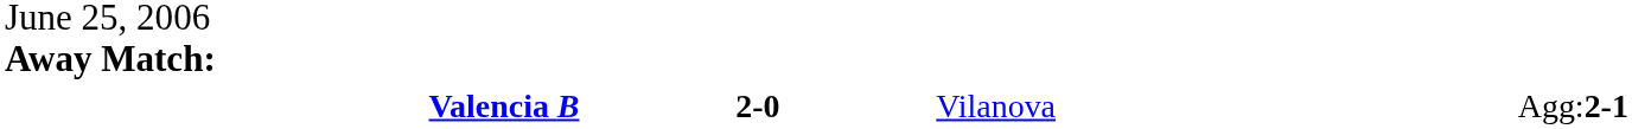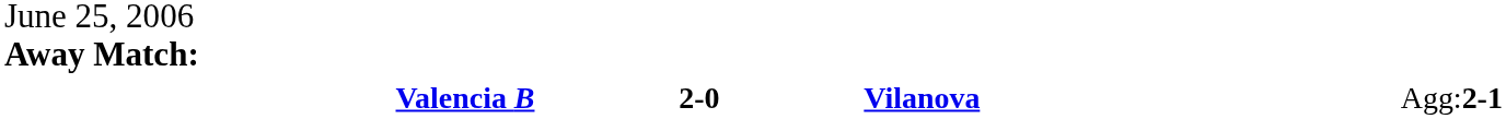 <table width=100% cellspacing=1>
 <tr>
 <th width=20%></th>
 <th width=12%></th>
 <th width=20%></th>
 <th></th>
 </tr>
 <tr>
 <td>June 25, 2006<br><strong>Away Match:</strong></td>
 </tr>
 <tr style=font-size:90%>
 <td align=right><strong><a href='#'>Valencia <em>B</em></a></strong></td>
 <td align=center><strong>2-0</strong></td>
-<td><a href='#'>Vilanova</a></td>
+<td><strong><a href='#'>Vilanova</a></strong></td>
 <td>Agg:<strong>2-1</strong></td>
 </tr>
 </table>
